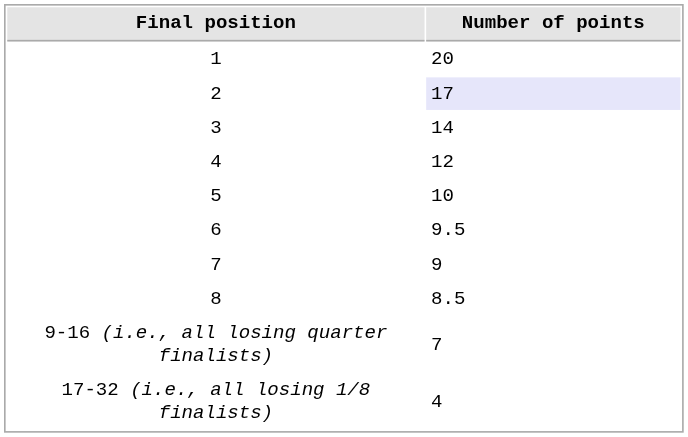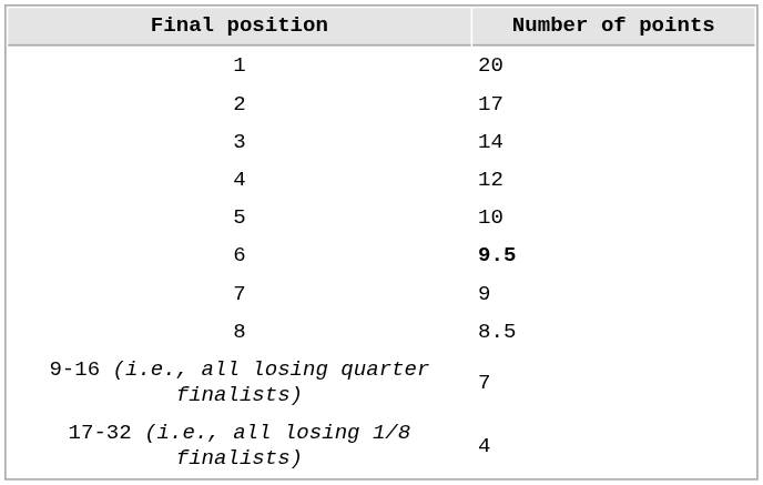 <table cellspacing="1" cellpadding="3" style="border:1px solid #aaa; font-size:90%;">
 <tr style="background:#e4e4e4;">
 <th style="border-bottom:1px solid #aaa; width:250px;">Final position</th>
 <th style="border-bottom:1px solid #aaa; width:150px;">Number of points</th>
 </tr>
 <tr>
 <td style="text-align:center;">1</td>
 <td>20</td>
 </tr>
 <tr>
 <td style="text-align:center;">2</td>
-<td style="background: lavender;">17</td>
+<td>17</td>
 </tr>
 <tr>
 <td style="text-align:center;">3</td>
 <td>14</td>
 </tr>
 <tr>
 <td style="text-align:center;">4</td>
 <td>12</td>
 </tr>
 <tr>
 <td style="text-align:center;">5</td>
 <td>10</td>
 </tr>
 <tr>
 <td style="text-align:center;">6</td>
-<td>9.5</td>
+<td><strong>9.5</strong></td>
 </tr>
 <tr>
 <td style="text-align:center;">7</td>
 <td>9</td>
 </tr>
 <tr>
 <td style="text-align:center;">8</td>
 <td>8.5</td>
 </tr>
 <tr>
 <td style="text-align:center;">9-16 <em>(i.e., all losing quarter finalists)</em></td>
 <td>7</td>
 </tr>
 <tr>
 <td style="text-align:center;">17-32 <em>(i.e., all losing 1/8 finalists)</em></td>
 <td>4</td>
 </tr>
 </table>
